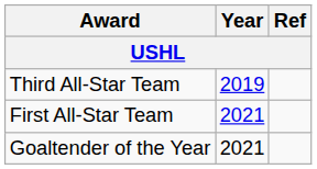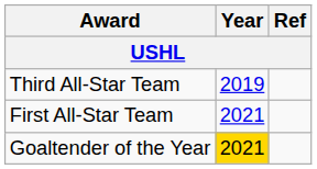 <table class="wikitable">
 <tr>
 <th>Award</th>
 <th>Year</th>
 <th>Ref</th>
 </tr>
 <tr>
 <th colspan="3"><a href='#'>USHL</a></th>
 </tr>
 <tr>
 <td>Third All-Star Team</td>
 <td><a href='#'>2019</a></td>
 <td></td>
 </tr>
 <tr>
 <td>First All-Star Team</td>
 <td><a href='#'>2021</a></td>
 <td></td>
 </tr>
 <tr>
 <td>Goaltender of the Year</td>
-<td>2021</td>
+<td style="background: gold;">2021</td>
 <td></td>
 </tr>
 </table>
